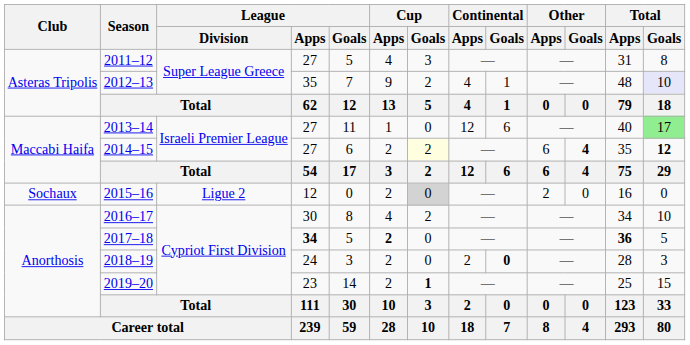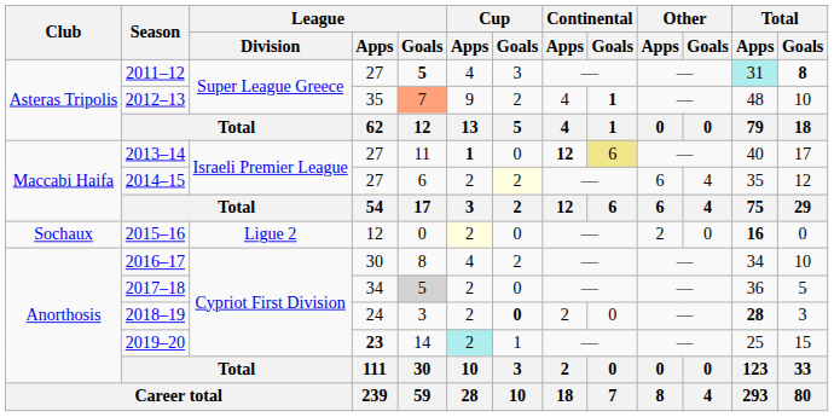 <table class="wikitable" style="text-align:center">
 <tr>
 <th rowspan="2">Club</th>
 <th rowspan="2">Season</th>
 <th colspan="3">League</th>
 <th colspan="2">Cup</th>
 <th colspan="2">Continental</th>
 <th colspan="2">Other</th>
 <th colspan="2">Total</th>
 </tr>
 <tr>
 <th>Division</th>
 <th>Apps</th>
 <th>Goals</th>
 <th>Apps</th>
 <th>Goals</th>
 <th>Apps</th>
 <th>Goals</th>
 <th>Apps</th>
 <th>Goals</th>
 <th>Apps</th>
 <th>Goals</th>
 </tr>
 <tr>
 <td rowspan="3"><a href='#'>Asteras Tripolis</a></td>
 <td><a href='#'>2011–12</a></td>
 <td rowspan="2"><a href='#'>Super League Greece</a></td>
 <td>27</td>
-<td>5</td>
+<td><strong>5</strong></td>
 <td>4</td>
 <td>3</td>
 <td colspan="2">—</td>
 <td colspan="2">—</td>
-<td>31</td>
-<td>8</td>
+<td style="background: paleturquoise;">31</td>
+<td><strong>8</strong></td>
 </tr>
 <tr>
 <td><a href='#'>2012–13</a></td>
 <td>35</td>
-<td>7</td>
+<td style="background: lightsalmon;">7</td>
 <td>9</td>
 <td>2</td>
 <td>4</td>
-<td>1</td>
+<td><strong>1</strong></td>
 <td colspan="2">—</td>
 <td>48</td>
-<td style="background: lavender;">10</td>
+<td>10</td>
 </tr>
 <tr>
 <th colspan="2">Total</th>
 <th>62</th>
 <th>12</th>
 <th>13</th>
 <th>5</th>
 <th>4</th>
 <th>1</th>
 <th>0</th>
 <th>0</th>
 <th>79</th>
 <th>18</th>
 </tr>
 <tr>
 <td rowspan="3"><a href='#'>Maccabi Haifa</a></td>
 <td><a href='#'>2013–14</a></td>
 <td rowspan="2"><a href='#'>Israeli Premier League</a></td>
 <td>27</td>
 <td>11</td>
-<td>1</td>
+<td><strong>1</strong></td>
 <td>0</td>
-<td>12</td>
-<td>6</td>
+<td><strong>12</strong></td>
+<td style="background: khaki;">6</td>
 <td colspan="2">—</td>
 <td>40</td>
-<td style="background: lightgreen;">17</td>
+<td>17</td>
 </tr>
 <tr>
 <td><a href='#'>2014–15</a></td>
 <td>27</td>
 <td>6</td>
 <td>2</td>
 <td style="background: lightyellow;">2</td>
 <td colspan="2">—</td>
 <td>6</td>
-<td><strong>4</strong></td>
+<td>4</td>
 <td>35</td>
-<td><strong>12</strong></td>
+<td>12</td>
 </tr>
 <tr>
 <th colspan="2">Total</th>
 <th>54</th>
 <th>17</th>
 <th>3</th>
 <th>2</th>
 <th>12</th>
 <th>6</th>
 <th>6</th>
 <th>4</th>
 <th>75</th>
 <th>29</th>
 </tr>
 <tr>
 <td><a href='#'>Sochaux</a></td>
 <td><a href='#'>2015–16</a></td>
 <td><a href='#'>Ligue 2</a></td>
 <td>12</td>
 <td>0</td>
-<td>2</td>
-<td style="background: lightgrey;">0</td>
+<td style="background: lightyellow;">2</td>
+<td>0</td>
 <td colspan="2">—</td>
 <td>2</td>
 <td>0</td>
-<td>16</td>
+<td><strong>16</strong></td>
 <td>0</td>
 </tr>
 <tr>
 <td rowspan="5"><a href='#'>Anorthosis</a></td>
 <td><a href='#'>2016–17</a></td>
 <td rowspan="4"><a href='#'>Cypriot First Division</a></td>
 <td>30</td>
 <td>8</td>
 <td>4</td>
 <td>2</td>
 <td colspan="2">—</td>
 <td colspan="2">—</td>
 <td>34</td>
 <td>10</td>
 </tr>
 <tr>
 <td><a href='#'>2017–18</a></td>
-<td><strong>34</strong></td>
-<td>5</td>
-<td><strong>2</strong></td>
+<td>34</td>
+<td style="background: lightgrey;">5</td>
+<td>2</td>
 <td>0</td>
 <td colspan="2">—</td>
 <td colspan="2">—</td>
-<td><strong>36</strong></td>
+<td>36</td>
 <td>5</td>
 </tr>
 <tr>
 <td><a href='#'>2018–19</a></td>
 <td>24</td>
 <td>3</td>
 <td>2</td>
+<td><strong>0</strong></td>
+<td>2</td>
 <td>0</td>
-<td>2</td>
-<td><strong>0</strong></td>
 <td colspan="2">—</td>
-<td>28</td>
+<td><strong>28</strong></td>
 <td>3</td>
 </tr>
 <tr>
 <td><a href='#'>2019–20</a></td>
-<td>23</td>
+<td><strong>23</strong></td>
 <td>14</td>
-<td>2</td>
-<td><strong>1</strong></td>
+<td style="background: paleturquoise;">2</td>
+<td>1</td>
 <td colspan="2">—</td>
 <td colspan="2">—</td>
 <td>25</td>
 <td>15</td>
 </tr>
 <tr>
 <th colspan="2">Total</th>
 <th>111</th>
 <th>30</th>
 <th>10</th>
 <th>3</th>
 <th>2</th>
 <th>0</th>
 <th>0</th>
 <th>0</th>
 <th>123</th>
 <th>33</th>
 </tr>
 <tr>
 <th colspan="3">Career total</th>
 <th>239</th>
 <th>59</th>
 <th>28</th>
 <th>10</th>
 <th>18</th>
 <th>7</th>
 <th>8</th>
 <th>4</th>
 <th>293</th>
 <th>80</th>
 </tr>
 </table>
